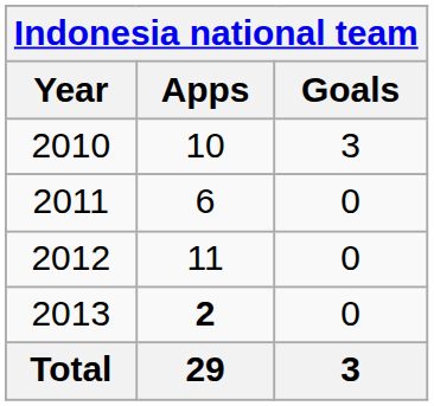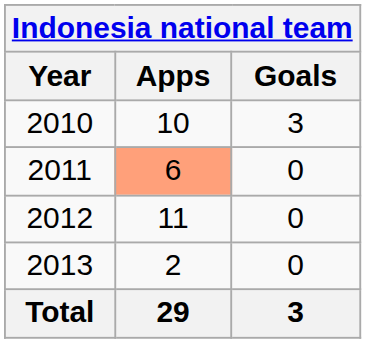 <table class="wikitable" style="text-align:center">
 <tr>
 <th colspan=3><a href='#'>Indonesia national team</a></th>
 </tr>
 <tr>
 <th>Year</th>
 <th>Apps</th>
 <th>Goals</th>
 </tr>
 <tr>
 <td>2010</td>
 <td>10</td>
 <td>3</td>
 </tr>
 <tr>
 <td>2011</td>
-<td>6</td>
+<td style="background: lightsalmon;">6</td>
 <td>0</td>
 </tr>
 <tr>
 <td>2012</td>
 <td>11</td>
 <td>0</td>
 </tr>
 <tr>
 <td>2013</td>
-<td><strong>2</strong></td>
+<td>2</td>
 <td>0</td>
 </tr>
 <tr>
 <th>Total</th>
 <th>29</th>
 <th>3</th>
 </tr>
 </table>
